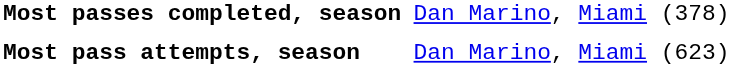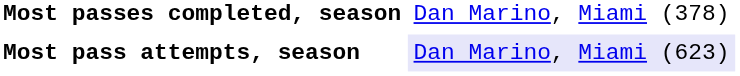 <table cellpadding="3" cellspacing="1">
 <tr>
 <td><strong>Most passes completed, season</strong></td>
 <td><a href='#'>Dan Marino</a>, <a href='#'>Miami</a> (378)</td>
 </tr>
 <tr>
 <td><strong>Most pass attempts, season</strong></td>
-<td><a href='#'>Dan Marino</a>, <a href='#'>Miami</a> (623)</td>
+<td style="background: lavender;"><a href='#'>Dan Marino</a>, <a href='#'>Miami</a> (623)</td>
 </tr>
 </table>
